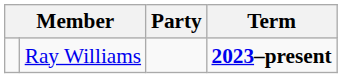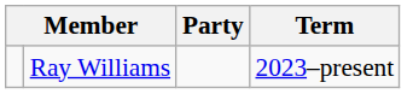 <table class="wikitable">
 <tr>
 <th colspan="2">Member</th>
 <th>Party</th>
 <th>Term</th>
 </tr>
 <tr>
 <td> </td>
 <td><a href='#'>Ray Williams</a></td>
 <td></td>
-<td><strong><a href='#'>2023</a>–present</strong></td>
+<td><a href='#'>2023</a>–present</td>
 </tr>
 </table>
